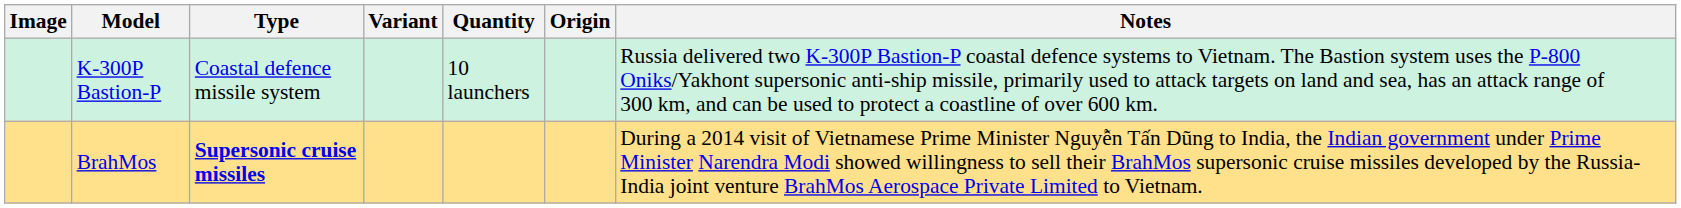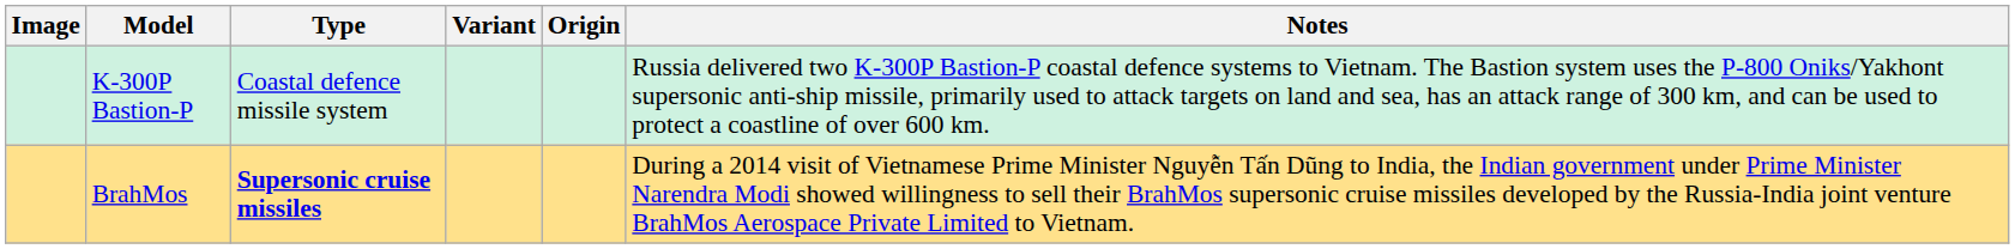 <table class="wikitable">
 <tr>
 <th>Image</th>
 <th>Model</th>
 <th>Type</th>
 <th>Variant</th>
-<th>Quantity</th>
 <th>Origin</th>
 <th>Notes</th>
 </tr>
 <tr>
 <td style="background: #CEF2E0"></td>
 <td style="background: #CEF2E0"><a href='#'>K-300P Bastion-P</a></td>
 <td style="background: #CEF2E0"><a href='#'>Coastal defence</a> missile system</td>
 <td style="background: #CEF2E0"></td>
-<td style="background: #CEF2E0">10 launchers</td>
 <td style="background: #CEF2E0"></td>
 <td style="background: #CEF2E0">Russia delivered two <a href='#'>K-300P Bastion-P</a> coastal defence systems to Vietnam. The Bastion system uses the <a href='#'>P-800 Oniks</a>/Yakhont supersonic anti-ship missile, primarily used to attack targets on land and sea, has an attack range of 300 km, and can be used to protect a coastline of over 600 km.</td>
 </tr>
 <tr>
 <td style="background: #FFE18B"></td>
 <td style="background: #FFE18B"><a href='#'>BrahMos</a></td>
 <td style="background: #FFE18B"><strong><a href='#'>Supersonic cruise missiles</a></strong></td>
 <td style="background: #FFE18B"></td>
-<td style="background: #FFE18B"></td>
 <td style="background: #FFE18B"><br></td>
 <td style="background: #FFE18B">During a 2014 visit of Vietnamese Prime Minister Nguyễn Tấn Dũng to India, the <a href='#'>Indian government</a> under <a href='#'>Prime Minister</a> <a href='#'>Narendra Modi</a> showed willingness to sell their <a href='#'>BrahMos</a> supersonic cruise missiles developed by the Russia-India joint venture <a href='#'>BrahMos Aerospace Private Limited</a> to Vietnam.</td>
 </tr>
 </table>
